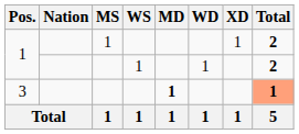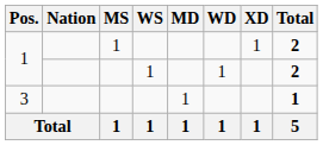 <table class="wikitable" style="text-align:center">
 <tr>
 <th>Pos.</th>
 <th>Nation</th>
 <th>MS</th>
 <th>WS</th>
 <th>MD</th>
 <th>WD</th>
 <th>XD</th>
 <th>Total</th>
 </tr>
 <tr>
 <td rowspan="2">1</td>
 <td align="left"></td>
 <td>1</td>
 <td></td>
 <td></td>
 <td></td>
 <td>1</td>
 <td><strong>2</strong></td>
 </tr>
 <tr>
 <td align="left"></td>
 <td></td>
 <td>1</td>
 <td></td>
 <td>1</td>
 <td></td>
 <td><strong>2</strong></td>
 </tr>
 <tr>
 <td>3</td>
 <td align="left"></td>
 <td></td>
 <td></td>
-<td><strong>1</strong></td>
+<td>1</td>
 <td></td>
 <td></td>
-<td style="background: lightsalmon;"><strong>1</strong></td>
+<td><strong>1</strong></td>
 </tr>
 <tr>
 <th colspan="2">Total</th>
 <th>1</th>
 <th>1</th>
 <th>1</th>
 <th>1</th>
 <th>1</th>
 <th>5</th>
 </tr>
 </table>
